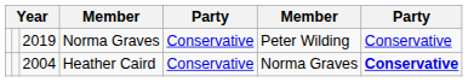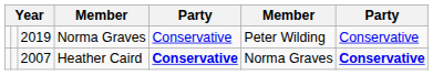 <table class="wikitable">
 <tr>
 <th colspan="3">Year</th>
 <th>Member</th>
 <th>Party</th>
 <th>Member</th>
 <th>Party</th>
 </tr>
 <tr>
 <td style="background-color: "></td>
 <td style="background-color: "></td>
 <td>2019</td>
 <td>Norma Graves</td>
 <td><a href='#'>Conservative</a></td>
 <td>Peter Wilding</td>
 <td><a href='#'>Conservative</a></td>
 </tr>
 <tr>
 <td style="background-color: "></td>
 <td style="background-color: "></td>
-<td>2004</td>
+<td>2007</td>
 <td>Heather Caird</td>
-<td><a href='#'>Conservative</a></td>
+<td><strong><a href='#'>Conservative</a></strong></td>
 <td>Norma Graves</td>
 <td><strong><a href='#'>Conservative</a></strong></td>
 </tr>
 </table>
